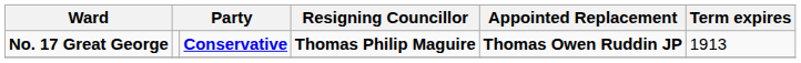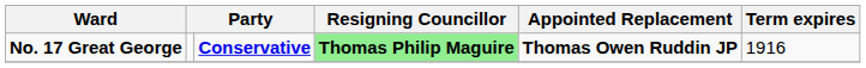 <table class="wikitable">
 <tr>
 <th>Ward</th>
 <th colspan="2">Party</th>
 <th>Resigning Councillor</th>
 <th>Appointed Replacement</th>
 <th>Term expires</th>
 </tr>
 <tr>
 <td><strong>No. 17 Great George</strong></td>
 <td style="background-color:"></td>
 <td><strong><a href='#'>Conservative</a></strong></td>
-<td><strong>Thomas Philip Maguire</strong></td>
+<td style="background: lightgreen;"><strong>Thomas Philip Maguire</strong></td>
 <td><strong>Thomas Owen Ruddin JP</strong></td>
-<td>1913</td>
+<td>1916</td>
 </tr>
 <tr>
 </tr>
 </table>
